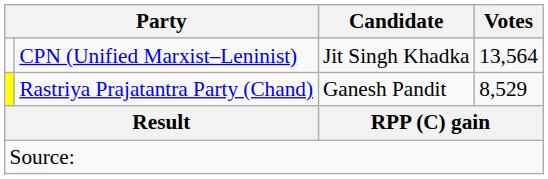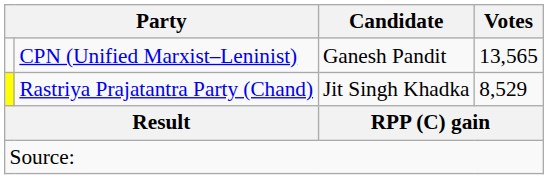 <table class="wikitable">
 <tr>
 <th colspan="2">Party</th>
 <th>Candidate</th>
 <th>Votes</th>
 </tr>
 <tr>
 <td style="background-color:"></td>
 <td><a href='#'>CPN (Unified Marxist–Leninist)</a></td>
-<td>Jit Singh Khadka</td>
-<td>13,564</td>
+<td>Ganesh Pandit</td>
+<td>13,565</td>
 </tr>
 <tr>
 <td style="background-color:yellow"></td>
 <td><a href='#'>Rastriya Prajatantra Party (Chand)</a></td>
-<td>Ganesh Pandit</td>
+<td>Jit Singh Khadka</td>
 <td>8,529</td>
 </tr>
 <tr>
 <th colspan="2">Result</th>
 <th colspan="2">RPP (C) gain</th>
 </tr>
 <tr>
 <td colspan="4">Source: </td>
 </tr>
 </table>
